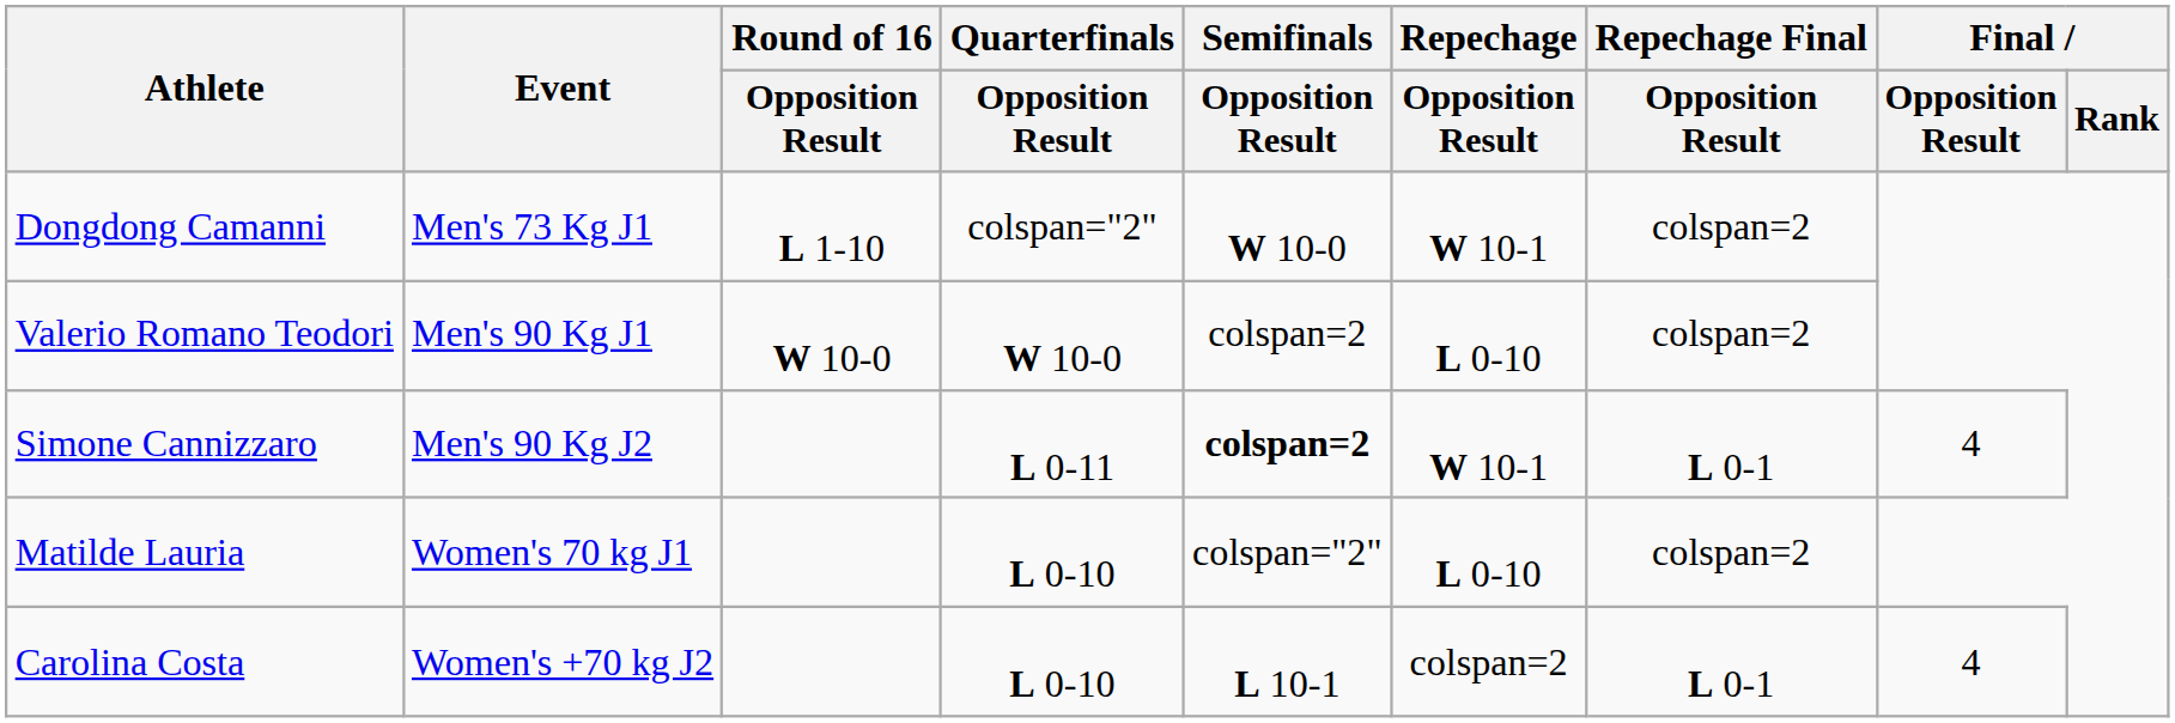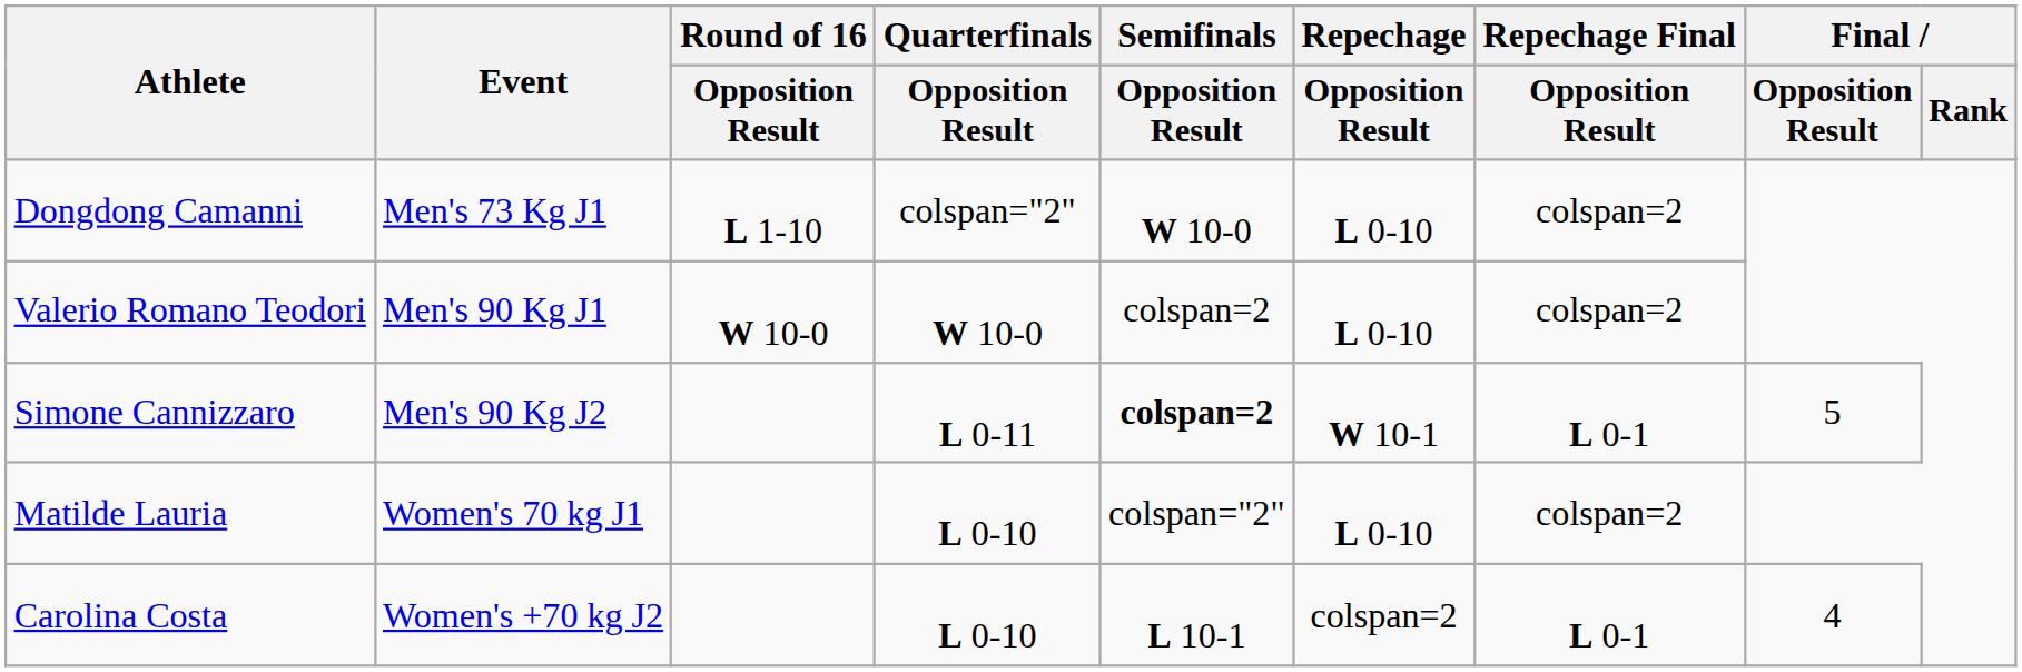 <table class="wikitable" style="font-size:90%">
 <tr>
 <th rowspan="2">Athlete</th>
 <th rowspan="2">Event</th>
 <th>Round of 16</th>
 <th>Quarterfinals</th>
 <th>Semifinals</th>
 <th>Repechage</th>
 <th>Repechage Final</th>
 <th colspan="2">Final / </th>
 </tr>
 <tr style="font-size:95%">
 <th>Opposition<br>Result</th>
 <th>Opposition<br>Result</th>
 <th>Opposition<br>Result</th>
 <th>Opposition<br>Result</th>
 <th>Opposition<br>Result</th>
 <th>Opposition<br>Result</th>
 <th>Rank</th>
 </tr>
 <tr align=center>
 <td align=left><a href='#'>Dongdong Camanni</a></td>
 <td align=left><a href='#'>Men's 73 Kg J1</a></td>
 <td><br><strong>L</strong> 1-10</td>
 <td>colspan="2" </td>
 <td><br><strong>W</strong> 10-0</td>
-<td><br><strong>W</strong> 10-1</td>
+<td><br><strong>L</strong> 0-10</td>
 <td>colspan=2 </td>
 </tr>
 <tr align=center>
 <td align=left><a href='#'>Valerio Romano Teodori</a></td>
 <td align=left><a href='#'>Men's 90 Kg J1</a></td>
 <td><br><strong>W</strong> 10-0</td>
 <td><br><strong>W</strong> 10-0</td>
 <td>colspan=2 </td>
 <td><br><strong>L</strong> 0-10</td>
 <td>colspan=2 </td>
 </tr>
 <tr align=center>
 <td align=left><a href='#'>Simone Cannizzaro</a></td>
 <td align=left><a href='#'>Men's 90 Kg J2</a></td>
 <td></td>
 <td><br><strong>L</strong> 0-11</td>
 <td><strong>colspan=2 </strong></td>
 <td><br><strong>W</strong> 10-1</td>
 <td><br><strong>L</strong> 0-1</td>
-<td>4</td>
+<td>5</td>
 </tr>
 <tr align="center">
 <td align="left"><a href='#'>Matilde Lauria</a></td>
 <td align="left"><a href='#'>Women's 70 kg J1</a></td>
 <td></td>
 <td><br><strong>L</strong> 0-10</td>
 <td>colspan="2" </td>
 <td><br><strong>L</strong> 0-10</td>
 <td>colspan=2 </td>
 </tr>
 <tr align=center>
 <td align=left><a href='#'>Carolina Costa</a></td>
 <td align=left><a href='#'>Women's +70 kg J2</a></td>
 <td></td>
 <td><br><strong>L</strong> 0-10</td>
 <td><br><strong>L</strong> 10-1</td>
 <td>colspan=2 </td>
 <td><br><strong>L</strong> 0-1</td>
 <td>4</td>
 </tr>
 </table>
